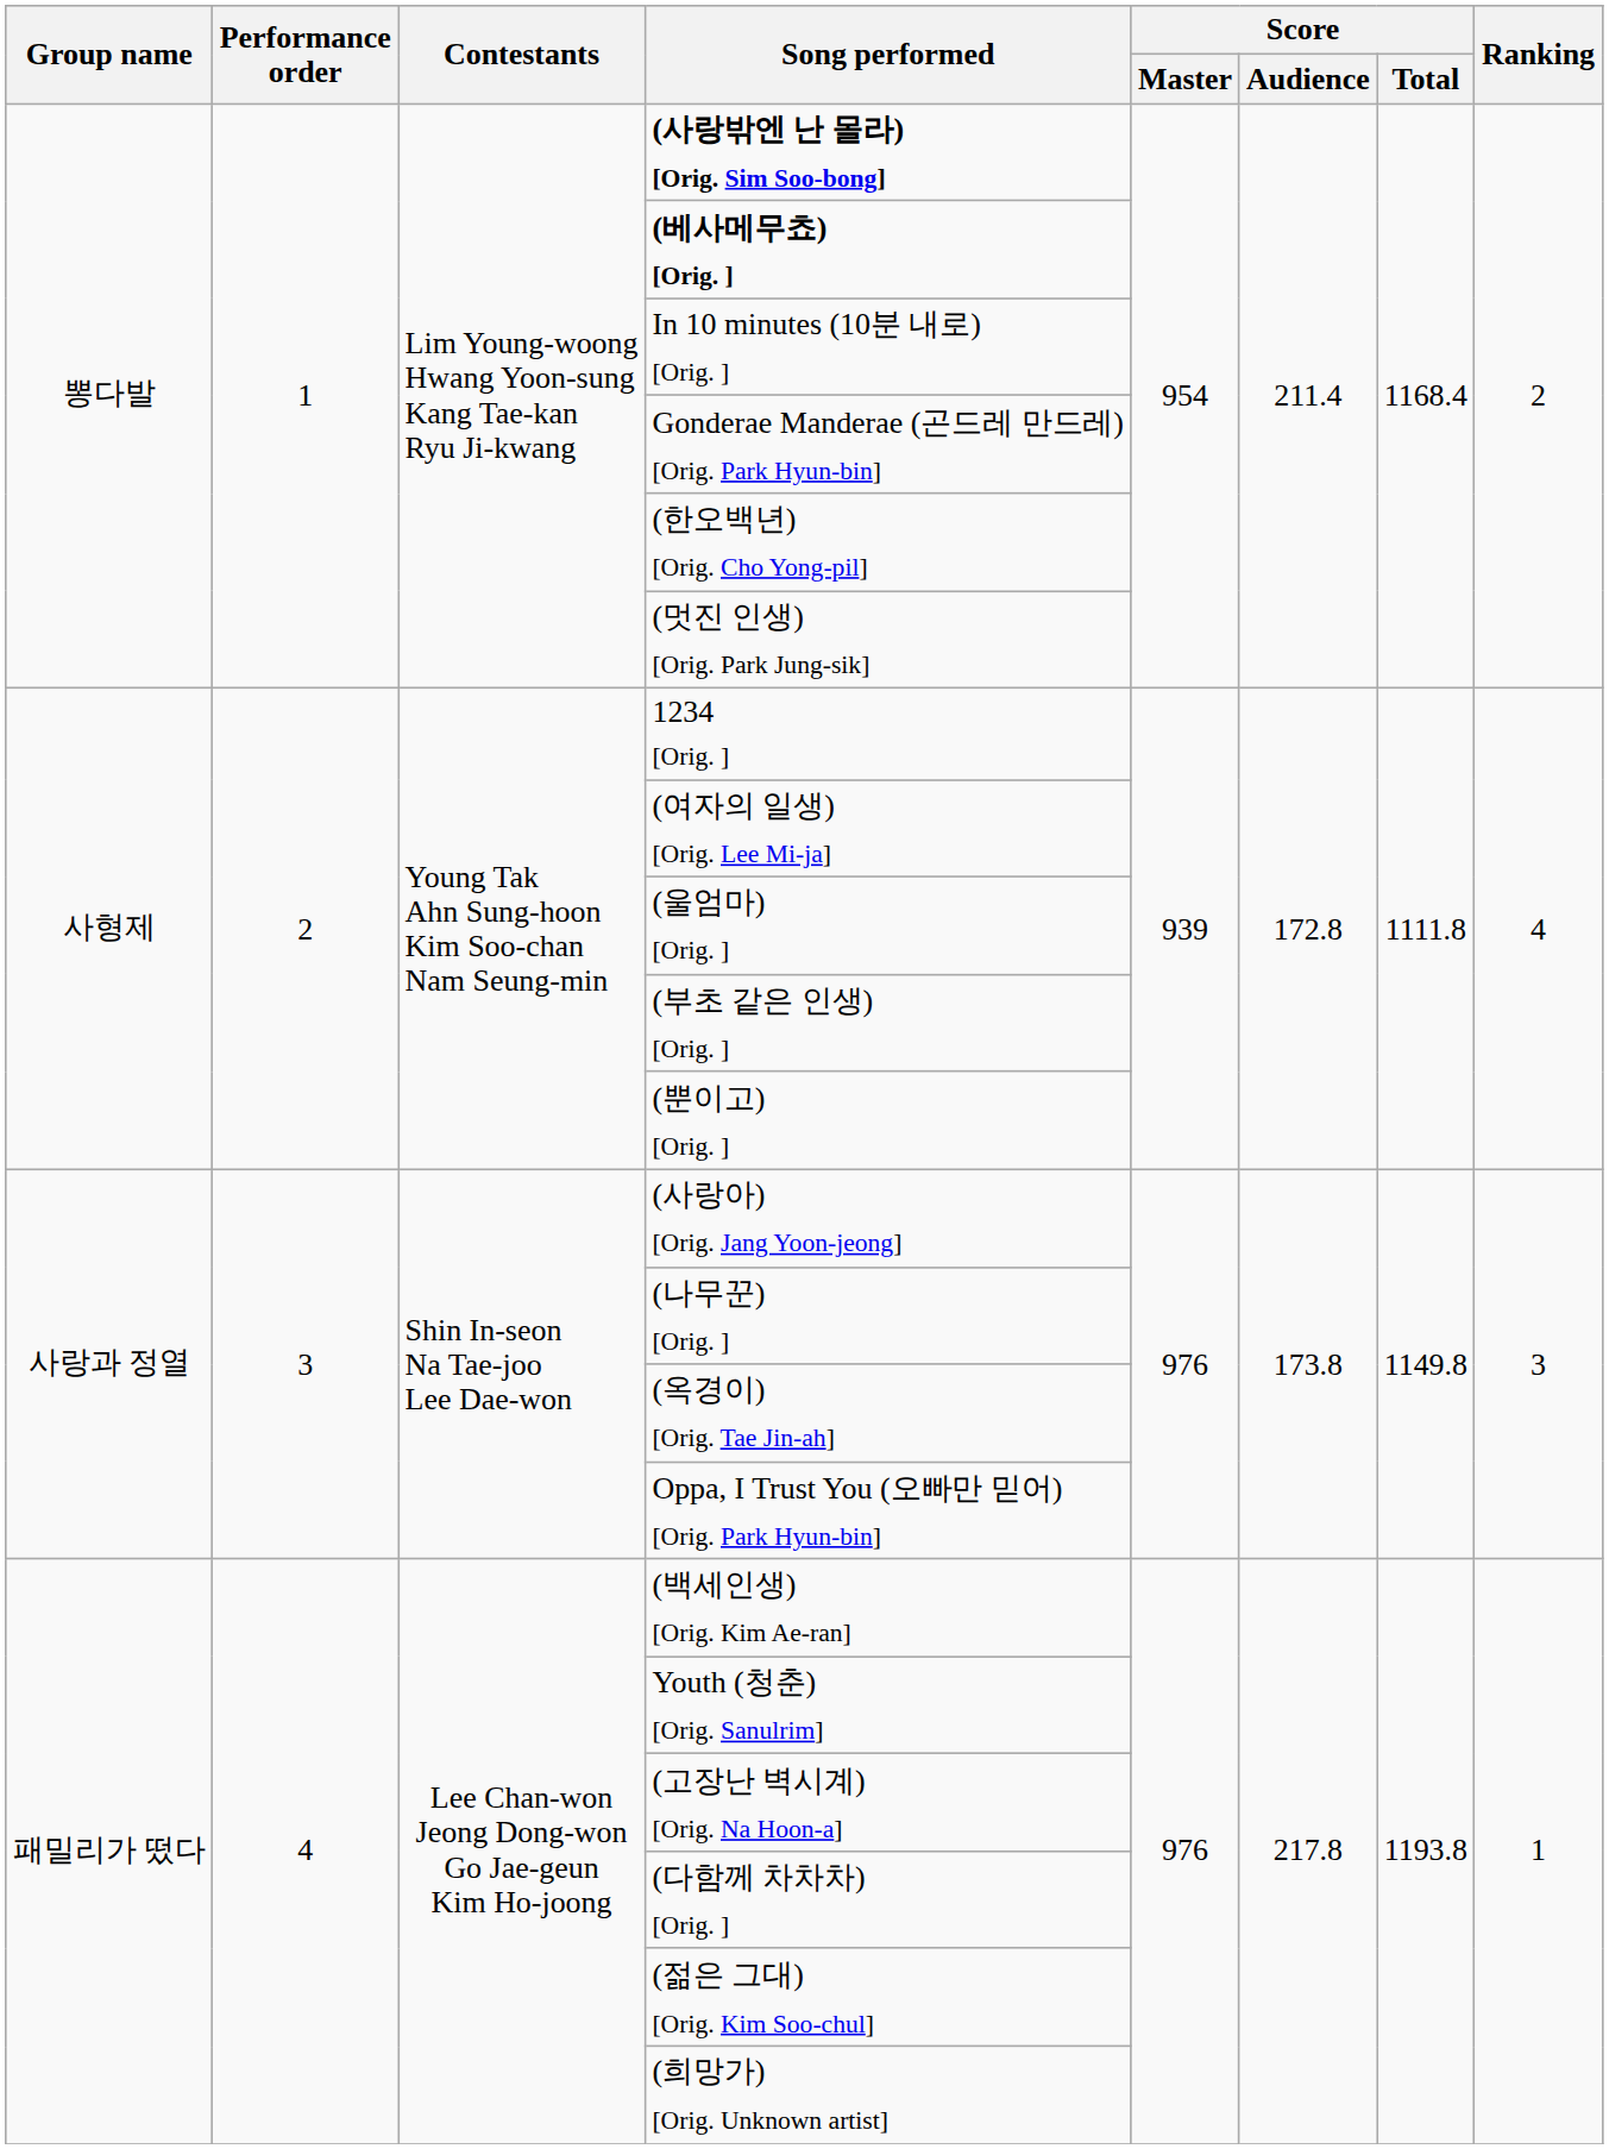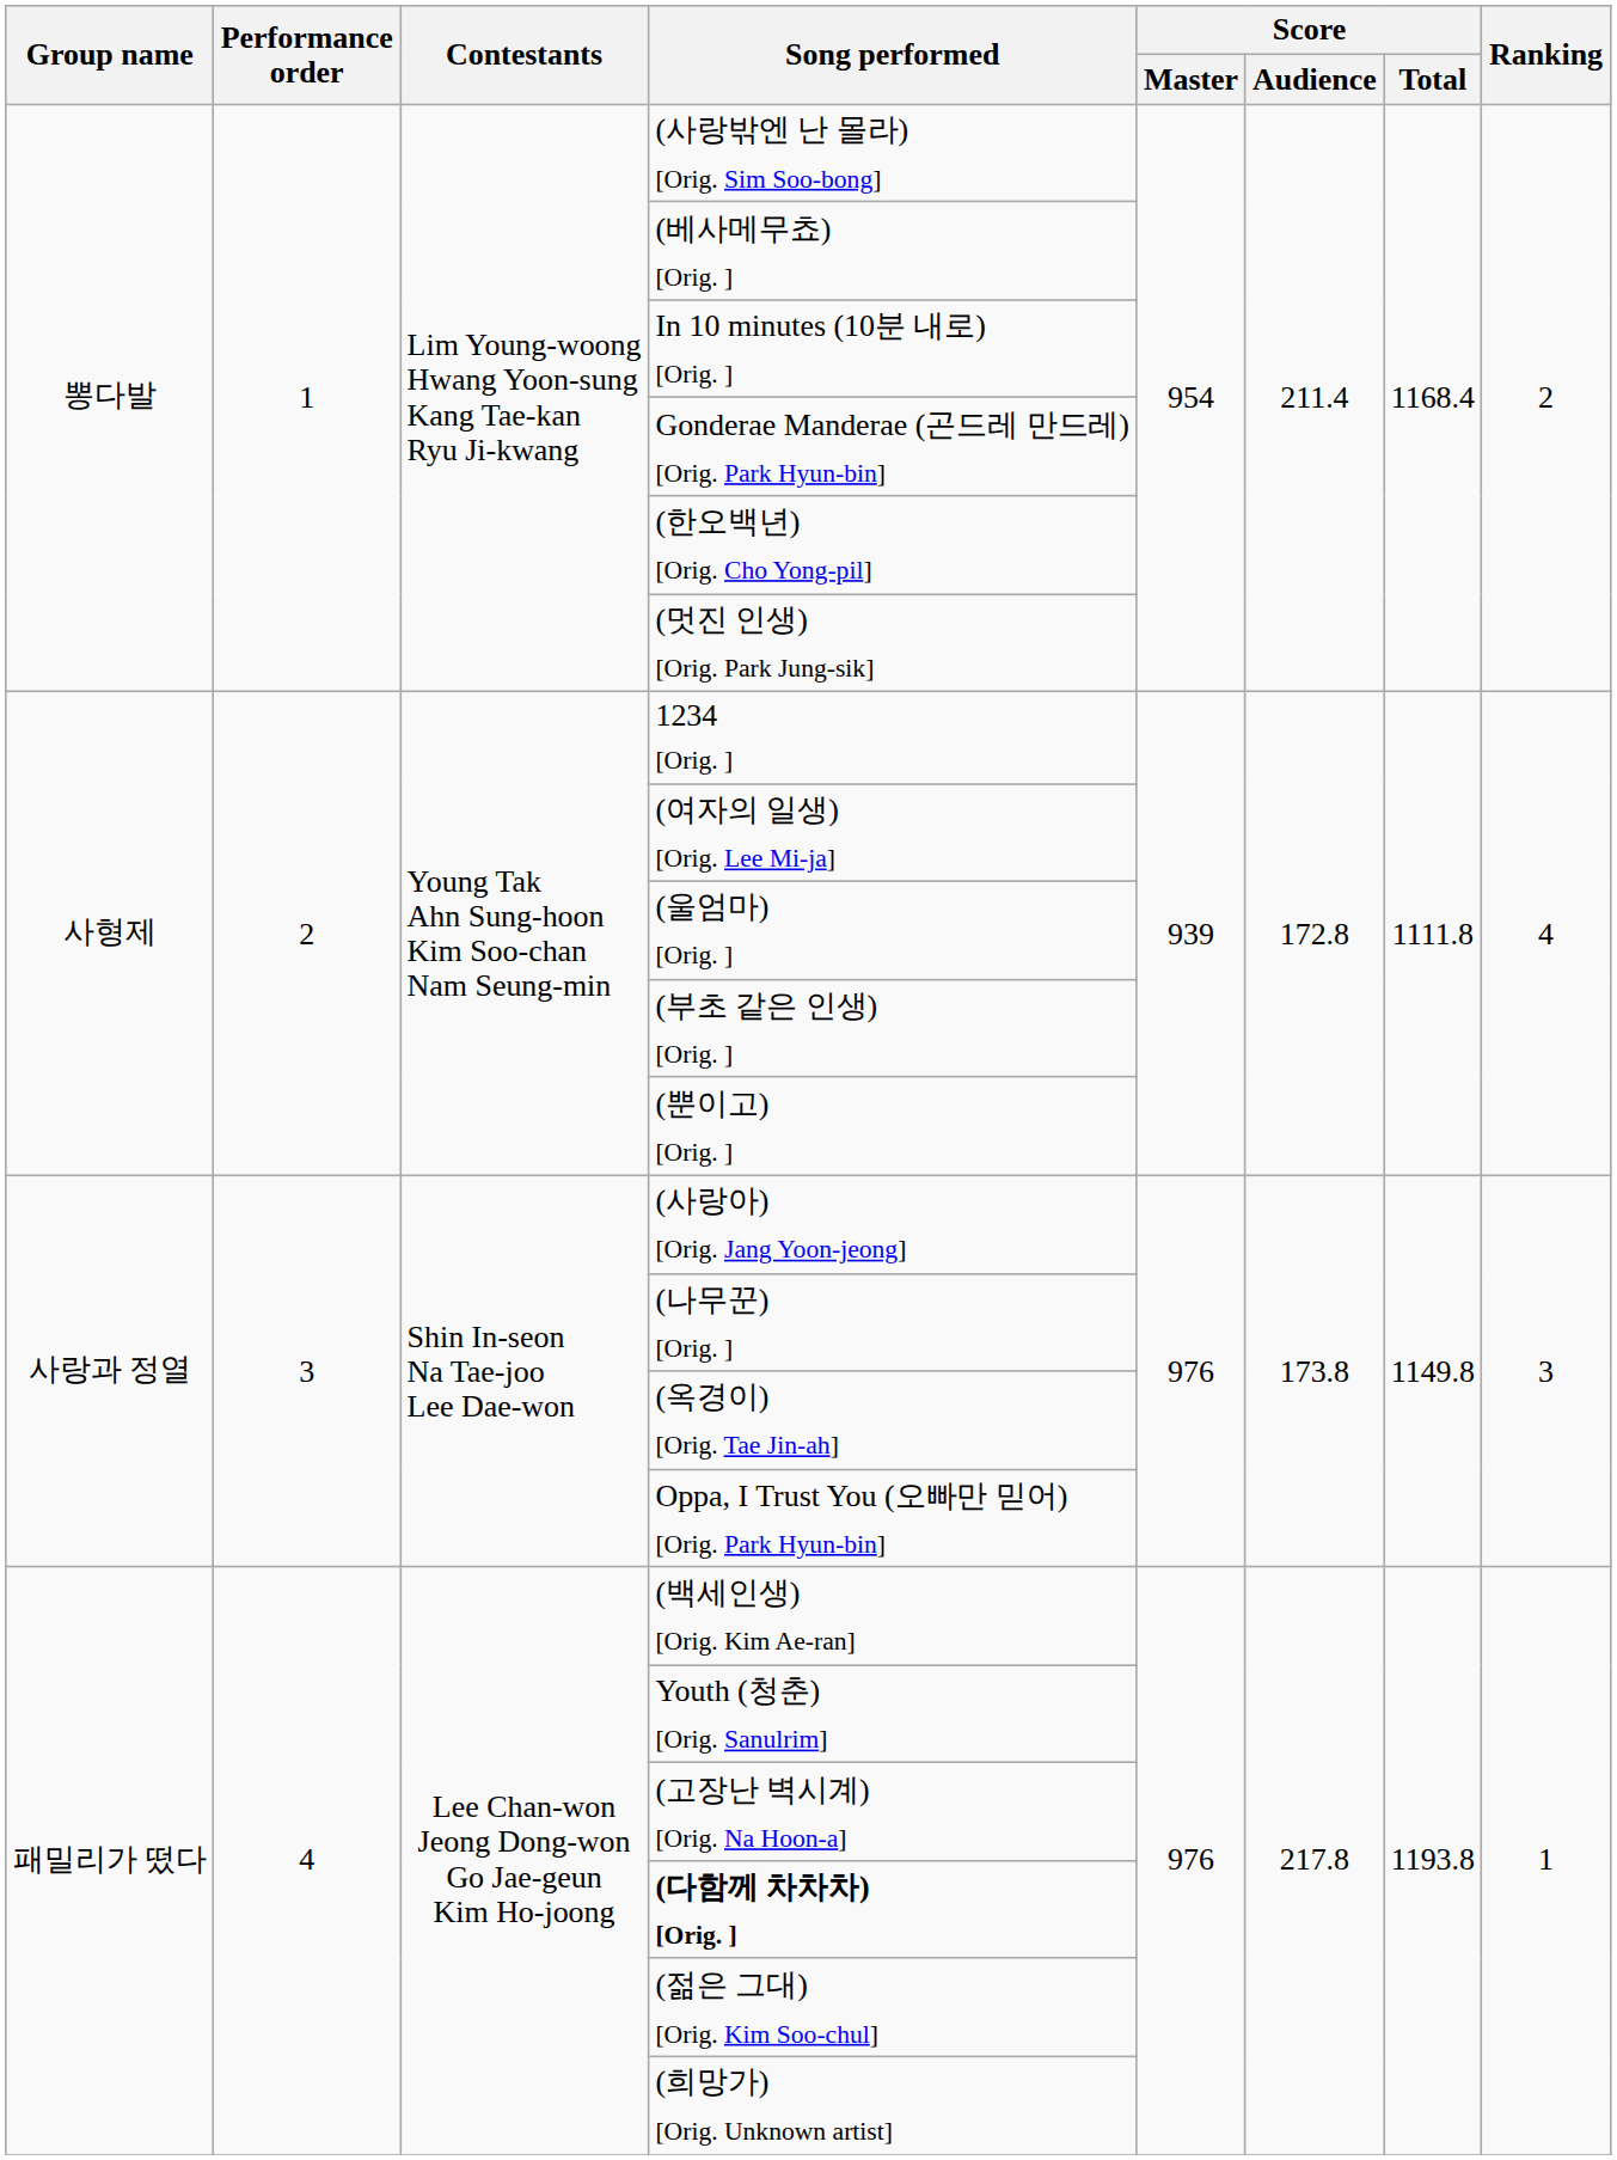 <table class="wikitable sortable">
 <tr>
 <th rowspan=2>Group name</th>
 <th rowspan=2>Performance<br>order</th>
 <th rowspan=2>Contestants</th>
 <th rowspan=2>Song performed</th>
 <th colspan=3>Score</th>
 <th rowspan=2>Ranking</th>
 </tr>
 <tr>
 <th>Master</th>
 <th>Audience</th>
 <th>Total</th>
 </tr>
 <tr>
 <td rowspan=6 align=center>뽕다발</td>
 <td rowspan=6 align=center>1</td>
 <td rowspan=6>Lim Young-woong<br>Hwang Yoon-sung<br>Kang Tae-kan<br>Ryu Ji-kwang</td>
-<td><strong>(사랑밖엔 난 몰라)<br><sub>[Orig. <a href='#'>Sim Soo-bong</a>]</sub></strong></td>
+<td>(사랑밖엔 난 몰라)<br><sub>[Orig. <a href='#'>Sim Soo-bong</a>]</sub></td>
 <td rowspan=6 align=center>954</td>
 <td rowspan=6 align=center>211.4</td>
 <td rowspan=6 align=center>1168.4</td>
 <td rowspan=6 align=center>2</td>
 </tr>
 <tr>
-<td><strong>(베사메무쵸)<br><sub>[Orig. ]</sub></strong></td>
+<td>(베사메무쵸)<br><sub>[Orig. ]</sub></td>
 </tr>
 <tr>
 <td>In 10 minutes (10분 내로)<br><sub>[Orig. ]</sub></td>
 </tr>
 <tr>
 <td>Gonderae Manderae (곤드레 만드레)<br><sub>[Orig. <a href='#'>Park Hyun-bin</a>]</sub></td>
 </tr>
 <tr>
 <td>(한오백년)<br><sub>[Orig. <a href='#'>Cho Yong-pil</a>]</sub></td>
 </tr>
 <tr>
 <td>(멋진 인생)<br><sub>[Orig. Park Jung-sik]</sub></td>
 </tr>
 <tr>
 <td rowspan=5 align=center>사형제</td>
 <td rowspan=5 align=center>2</td>
 <td rowspan=5>Young Tak<br>Ahn Sung-hoon<br>Kim Soo-chan<br>Nam Seung-min</td>
 <td>1234<br><sub>[Orig. ]</sub></td>
 <td rowspan=5 align=center>939</td>
 <td rowspan=5 align=center>172.8</td>
 <td rowspan=5 align=center>1111.8</td>
 <td rowspan=5 align=center>4</td>
 </tr>
 <tr>
 <td>(여자의 일생)<br><sub>[Orig. <a href='#'>Lee Mi-ja</a>]</sub></td>
 </tr>
 <tr>
 <td>(울엄마)<br><sub>[Orig. ]</sub></td>
 </tr>
 <tr>
 <td>(부초 같은 인생)<br><sub>[Orig. ]</sub></td>
 </tr>
 <tr>
 <td>(뿐이고)<br><sub>[Orig. ]</sub></td>
 </tr>
 <tr>
 <td rowspan=4 align=center>사랑과 정열</td>
 <td rowspan=4 align=center>3</td>
 <td rowspan=4>Shin In-seon<br>Na Tae-joo<br>Lee Dae-won</td>
 <td>(사랑아)<br><sub>[Orig. <a href='#'>Jang Yoon-jeong</a>]</sub></td>
 <td rowspan=4 align=center>976</td>
 <td rowspan=4 align=center>173.8</td>
 <td rowspan=4 align=center>1149.8</td>
 <td rowspan=4 align=center>3</td>
 </tr>
 <tr>
 <td>(나무꾼)<br><sub>[Orig. ]</sub></td>
 </tr>
 <tr>
 <td>(옥경이)<br><sub>[Orig. <a href='#'>Tae Jin-ah</a>]</sub></td>
 </tr>
 <tr>
 <td>Oppa, I Trust You (오빠만 믿어)<br><sub>[Orig. <a href='#'>Park Hyun-bin</a>]</sub></td>
 </tr>
 <tr>
 <td rowspan=6 align=center>패밀리가 떴다</td>
 <td rowspan=6 align=center>4</td>
 <td rowspan=6 align=center>Lee Chan-won<br>Jeong Dong-won<br>Go Jae-geun<br>Kim Ho-joong</td>
 <td>(백세인생)<br><sub>[Orig. Kim Ae-ran]</sub></td>
 <td rowspan=6 align=center>976</td>
 <td rowspan=6 align=center>217.8</td>
 <td rowspan=6 align=center>1193.8</td>
 <td rowspan=6 align=center>1</td>
 </tr>
 <tr>
 <td>Youth (청춘)<br><sub>[Orig. <a href='#'>Sanulrim</a>]</sub></td>
 </tr>
 <tr>
 <td>(고장난 벽시계)<br><sub>[Orig. <a href='#'>Na Hoon-a</a>]</sub></td>
 </tr>
 <tr>
-<td>(다함께 차차차)<br><sub>[Orig. ]</sub></td>
+<td><strong>(다함께 차차차)<br><sub>[Orig. ]</sub></strong></td>
 </tr>
 <tr>
 <td>(젊은 그대)<br><sub>[Orig. <a href='#'>Kim Soo-chul</a>]</sub></td>
 </tr>
 <tr>
 <td>(희망가)<br><sub>[Orig. Unknown artist]</sub></td>
 </tr>
 </table>
